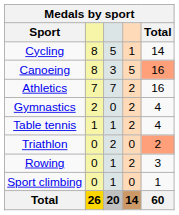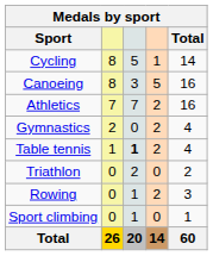 <table class="wikitable" style="font-size:85%">
 <tr style="background:#efefef;">
 <th colspan=7>Medals by sport</th>
 </tr>
 <tr align=center>
 <th>Sport</th>
 <td bgcolor=#f7f6a8></td>
 <td bgcolor=#dce5e5></td>
 <td bgcolor=#ffdab9></td>
 <th>Total</th>
 </tr>
 <tr align=center>
 <td><a href='#'>Cycling</a></td>
 <td style="background:#F7F6A8;">8</td>
 <td style="background:#DCE5E5;">5</td>
 <td style="background:#FFDAB9;">1</td>
 <td>14</td>
 </tr>
 <tr align=center>
 <td><a href='#'>Canoeing</a></td>
 <td style="background:#F7F6A8;">8</td>
 <td style="background:#DCE5E5;">3</td>
 <td style="background:#FFDAB9;">5</td>
-<td style="background: lightsalmon;">16</td>
+<td>16</td>
 </tr>
 <tr align=center>
 <td><a href='#'>Athletics</a></td>
 <td style="background:#F7F6A8;">7</td>
 <td style="background:#DCE5E5;">7</td>
 <td style="background:#FFDAB9;">2</td>
 <td>16</td>
 </tr>
 <tr align=center>
 <td><a href='#'>Gymnastics</a></td>
 <td style="background:#F7F6A8;">2</td>
 <td style="background:#DCE5E5;">0</td>
 <td style="background:#FFDAB9;">2</td>
 <td>4</td>
 </tr>
 <tr align=center>
 <td><a href='#'>Table tennis</a></td>
 <td style="background:#F7F6A8;">1</td>
-<td style="background:#DCE5E5;">1</td>
+<td style="background:#DCE5E5;"><strong>1</strong></td>
 <td style="background:#FFDAB9;">2</td>
 <td>4</td>
 </tr>
 <tr align=center>
 <td><a href='#'>Triathlon</a></td>
 <td style="background:#F7F6A8;">0</td>
 <td style="background:#DCE5E5;">2</td>
 <td style="background:#FFDAB9;">0</td>
-<td style="background: lightsalmon;">2</td>
+<td>2</td>
 </tr>
 <tr align=center>
 <td><a href='#'>Rowing</a></td>
 <td style="background:#F7F6A8;">0</td>
 <td style="background:#DCE5E5;">1</td>
 <td style="background:#FFDAB9;">2</td>
 <td>3</td>
 </tr>
 <tr align=center>
 <td><a href='#'>Sport climbing</a></td>
 <td style="background:#F7F6A8;">0</td>
 <td style="background:#DCE5E5;">1</td>
 <td style="background:#FFDAB9;">0</td>
 <td>1</td>
 </tr>
 <tr align=center>
 <th>Total</th>
 <th style="background:gold;">26</th>
 <th style="background:silver;">20</th>
 <th style="background:#c96;">14</th>
 <th>60</th>
 </tr>
 </table>
